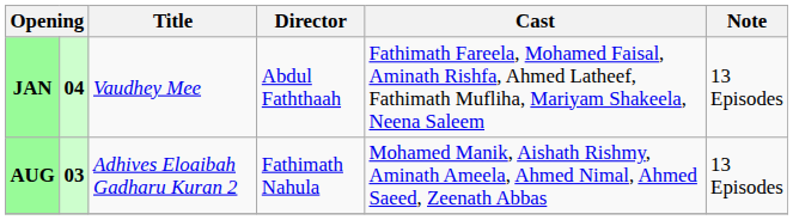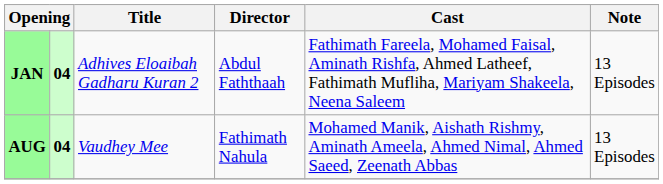 <table class="wikitable plainrowheaders" width="100%">
 <tr>
 <th scope="col" colspan="2" width="4%">Opening</th>
 <th scope="col" width="23%">Title</th>
 <th scope="col" width="14%">Director</th>
 <th scope="col" width="48%">Cast</th>
 <th scope="col" width="8%">Note</th>
 </tr>
 <tr>
 <td style="text-align:center; background:#98fb98; textcolor:#000;"><strong>JAN</strong></td>
 <td style="text-align:center; textcolor:#000; background:#cdfecd;"><strong>04</strong></td>
-<td><em><a href='#'>Vaudhey Mee</a></em></td>
+<td><em><a href='#'>Adhives Eloaibah Gadharu Kuran 2</a></em></td>
 <td><a href='#'>Abdul Faththaah</a></td>
 <td><a href='#'>Fathimath Fareela</a>, <a href='#'>Mohamed Faisal</a>, <a href='#'>Aminath Rishfa</a>, Ahmed Latheef, Fathimath Mufliha, <a href='#'>Mariyam Shakeela</a>, <a href='#'>Neena Saleem</a></td>
 <td>13 Episodes</td>
 </tr>
 <tr>
 <td style="text-align:center; background:#98fb98; textcolor:#000;"><strong>AUG</strong></td>
-<td style="text-align:center; textcolor:#000; background:#cdfecd;"><strong>03</strong></td>
-<td><em><a href='#'>Adhives Eloaibah Gadharu Kuran 2</a></em></td>
+<td style="text-align:center; textcolor:#000; background:#cdfecd;"><strong>04</strong></td>
+<td><em><a href='#'>Vaudhey Mee</a></em></td>
 <td><a href='#'>Fathimath Nahula</a></td>
 <td><a href='#'>Mohamed Manik</a>, <a href='#'>Aishath Rishmy</a>, <a href='#'>Aminath Ameela</a>, <a href='#'>Ahmed Nimal</a>, <a href='#'>Ahmed Saeed</a>, <a href='#'>Zeenath Abbas</a></td>
 <td>13 Episodes</td>
 </tr>
 <tr>
 </tr>
 </table>
